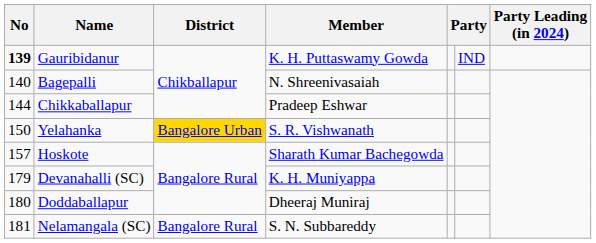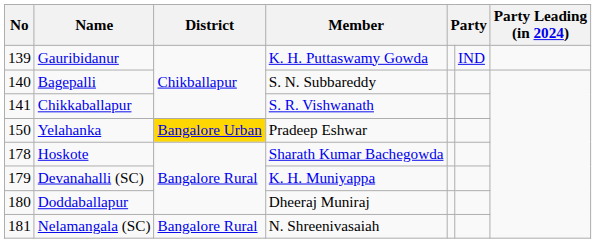 <table class="wikitable sortable">
 <tr>
 <th>No</th>
 <th>Name</th>
 <th>District</th>
 <th>Member</th>
 <th colspan="2">Party</th>
 <th colspan="2">Party Leading<br>(in <a href='#'>2024</a>)</th>
 </tr>
 <tr>
-<td><strong>139</strong></td>
+<td>139</td>
 <td><a href='#'>Gauribidanur</a></td>
 <td rowspan="3"><a href='#'>Chikballapur</a></td>
 <td><a href='#'>K. H. Puttaswamy Gowda</a></td>
 <td style="background-color: "></td>
 <td><a href='#'>IND</a></td>
 <td></td>
 </tr>
 <tr>
 <td>140</td>
 <td><a href='#'>Bagepalli</a></td>
-<td>N. Shreenivasaiah</td>
+<td>S. N. Subbareddy</td>
 <td></td>
 <td></td>
 </tr>
 <tr>
-<td>144</td>
+<td>141</td>
 <td><a href='#'>Chikkaballapur</a></td>
-<td>Pradeep Eshwar</td>
+<td><a href='#'>S. R. Vishwanath</a></td>
 <td></td>
 <td></td>
 </tr>
 <tr>
 <td>150</td>
 <td><a href='#'>Yelahanka</a></td>
 <td style="background: gold;"><a href='#'>Bangalore Urban</a></td>
-<td><a href='#'>S. R. Vishwanath</a></td>
+<td>Pradeep Eshwar</td>
 <td></td>
 <td></td>
 </tr>
 <tr>
-<td>157</td>
+<td>178</td>
 <td><a href='#'>Hoskote</a></td>
 <td rowspan="3"><a href='#'>Bangalore Rural</a></td>
 <td><a href='#'>Sharath Kumar Bachegowda</a></td>
 <td></td>
 <td></td>
 </tr>
 <tr>
 <td>179</td>
 <td><a href='#'>Devanahalli</a> (SC)</td>
 <td><a href='#'>K. H. Muniyappa</a></td>
 <td></td>
 <td></td>
 </tr>
 <tr>
 <td>180</td>
 <td><a href='#'>Doddaballapur</a></td>
 <td>Dheeraj Muniraj</td>
 <td></td>
 <td></td>
 </tr>
 <tr>
 <td>181</td>
 <td><a href='#'>Nelamangala</a> (SC)</td>
 <td><a href='#'>Bangalore Rural</a></td>
-<td>S. N. Subbareddy</td>
+<td>N. Shreenivasaiah</td>
 <td></td>
 <td></td>
 </tr>
 </table>
